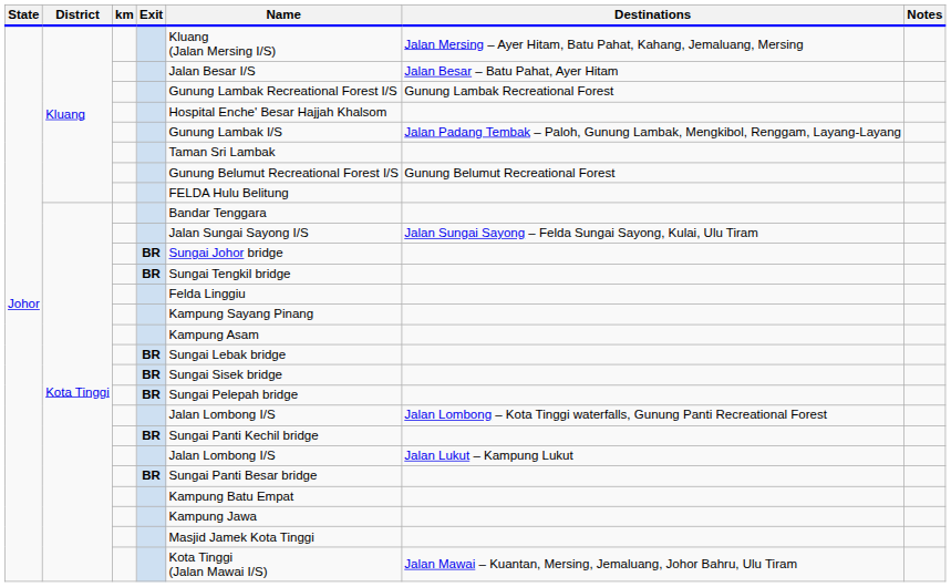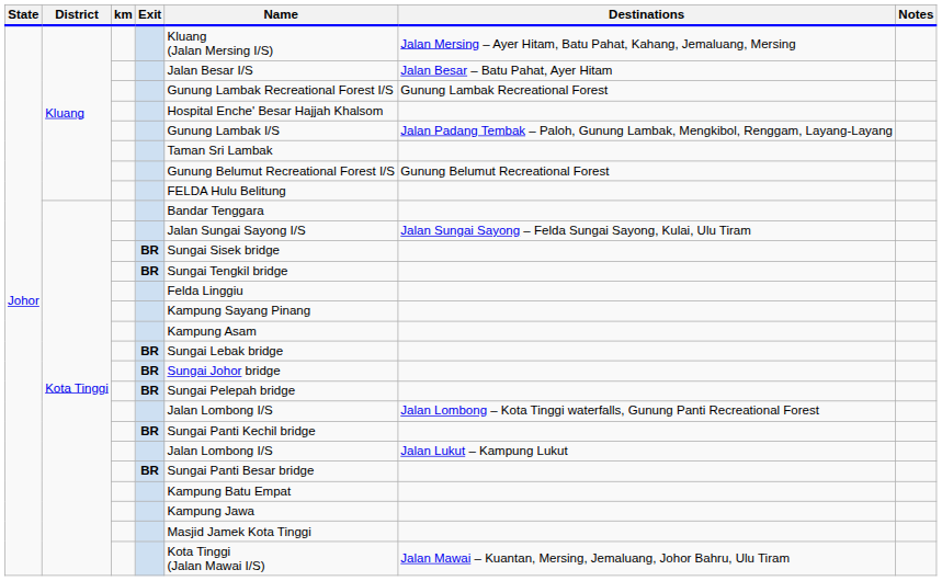 <table class="wikitable">
 <tr>
 <th style="border-bottom:3px solid blue;">State</th>
 <th style="border-bottom:3px solid blue;">District</th>
 <th style="border-bottom:3px solid blue;">km</th>
 <th style="border-bottom:3px solid blue;">Exit</th>
 <th style="border-bottom:3px solid blue;">Name</th>
 <th style="border-bottom:3px solid blue;">Destinations</th>
 <th style="border-bottom:3px solid blue;">Notes</th>
 </tr>
 <tr>
 <td rowspan="27" style="width:1em;"><a href='#'>Johor</a></td>
 <td rowspan="8"><a href='#'>Kluang</a></td>
 <td style="text-align: center;"></td>
 <th style="background-color: #CEE0F2;"></th>
 <td>Kluang<br>(Jalan Mersing I/S)</td>
 <td> <a href='#'>Jalan Mersing</a> – Ayer Hitam, Batu Pahat, Kahang, Jemaluang, Mersing</td>
 <td style="text-align: center;"></td>
 </tr>
 <tr>
 <td style="text-align: center;"></td>
 <th style="background-color: #CEE0F2;"></th>
 <td>Jalan Besar I/S</td>
 <td> <a href='#'>Jalan Besar</a> – Batu Pahat, Ayer Hitam</td>
 <td style="text-align: center;"></td>
 </tr>
 <tr>
 <td style="text-align: center;"></td>
 <th style="background-color: #CEE0F2;"></th>
 <td>Gunung Lambak Recreational Forest I/S</td>
 <td>Gunung Lambak Recreational Forest</td>
 <td style="text-align: center;"></td>
 </tr>
 <tr>
 <td style="text-align: center;"></td>
 <th style="background-color: #CEE0F2;"></th>
 <td>Hospital Enche' Besar Hajjah Khalsom </td>
 <td></td>
 <td style="text-align: center;"></td>
 </tr>
 <tr>
 <td style="text-align: center;"></td>
 <th style="background-color: #CEE0F2;"></th>
 <td>Gunung Lambak I/S</td>
 <td> <a href='#'>Jalan Padang Tembak</a> – Paloh, Gunung Lambak, Mengkibol, Renggam, Layang-Layang</td>
 <td style="text-align: center;"></td>
 </tr>
 <tr>
 <td style="text-align: center;"></td>
 <th style="background-color: #CEE0F2;"></th>
 <td>Taman Sri Lambak</td>
 <td></td>
 <td style="text-align: center;"></td>
 </tr>
 <tr>
 <td style="text-align: center;"></td>
 <th style="background-color: #CEE0F2;"></th>
 <td>Gunung Belumut Recreational Forest I/S</td>
 <td>Gunung Belumut Recreational Forest</td>
 <td style="text-align: center;"></td>
 </tr>
 <tr>
 <td style="text-align: center;"></td>
 <th style="background-color: #CEE0F2;"></th>
 <td>FELDA Hulu Belitung</td>
 <td></td>
 <td style="text-align: center;"></td>
 </tr>
 <tr>
 <td rowspan="18"><a href='#'>Kota Tinggi</a></td>
 <td style="text-align: center;"></td>
 <th style="background-color: #CEE0F2;"></th>
 <td>Bandar Tenggara</td>
 <td></td>
 <td style="text-align: center;"></td>
 </tr>
 <tr>
 <td style="text-align: center;"></td>
 <th style="background-color: #CEE0F2;"></th>
 <td>Jalan Sungai Sayong I/S</td>
 <td> <a href='#'>Jalan Sungai Sayong</a> – Felda Sungai Sayong, Kulai, Ulu Tiram</td>
 <td style="text-align: center;"></td>
 </tr>
 <tr>
 <td style="text-align: center;"></td>
 <th style="background-color: #CEE0F2;">BR</th>
-<td><a href='#'>Sungai Johor</a> bridge</td>
+<td>Sungai Sisek bridge</td>
 <td></td>
 <td style="text-align: center;"></td>
 </tr>
 <tr>
 <td style="text-align: center;"></td>
 <th style="background-color: #CEE0F2;">BR</th>
 <td>Sungai Tengkil bridge</td>
 <td></td>
 <td style="text-align: center;"></td>
 </tr>
 <tr>
 <td style="text-align: center;"></td>
 <th style="background-color: #CEE0F2;"></th>
 <td>Felda Linggiu</td>
 <td></td>
 <td style="text-align: center;"></td>
 </tr>
 <tr>
 <td style="text-align: center;"></td>
 <th style="background-color: #CEE0F2;"></th>
 <td>Kampung Sayang Pinang</td>
 <td></td>
 <td style="text-align: center;"></td>
 </tr>
 <tr>
 <td style="text-align: center;"></td>
 <th style="background-color: #CEE0F2;"></th>
 <td>Kampung Asam</td>
 <td></td>
 <td style="text-align: center;"></td>
 </tr>
 <tr>
 <td style="text-align: center;"></td>
 <th style="background-color: #CEE0F2;">BR</th>
 <td>Sungai Lebak bridge</td>
 <td></td>
 <td style="text-align: center;"></td>
 </tr>
 <tr>
 <td style="text-align: center;"></td>
 <th style="background-color: #CEE0F2;">BR</th>
-<td>Sungai Sisek bridge</td>
+<td><a href='#'>Sungai Johor</a> bridge</td>
 <td></td>
 <td style="text-align: center;"></td>
 </tr>
 <tr>
 <td style="text-align: center;"></td>
 <th style="background-color: #CEE0F2;">BR</th>
 <td>Sungai Pelepah bridge</td>
 <td></td>
 <td style="text-align: center;"></td>
 </tr>
 <tr>
 <td style="text-align: center;"></td>
 <th style="background-color: #CEE0F2;"></th>
 <td>Jalan Lombong I/S</td>
 <td> <a href='#'>Jalan Lombong</a> – Kota Tinggi waterfalls, Gunung Panti Recreational Forest</td>
 <td style="text-align: center;"></td>
 </tr>
 <tr>
 <td style="text-align: center;"></td>
 <th style="background-color: #CEE0F2;">BR</th>
 <td>Sungai Panti Kechil bridge</td>
 <td></td>
 <td style="text-align: center;"></td>
 </tr>
 <tr>
 <td style="text-align: center;"></td>
 <th style="background-color: #CEE0F2;"></th>
 <td>Jalan Lombong I/S</td>
 <td> <a href='#'>Jalan Lukut</a> – Kampung Lukut</td>
 <td style="text-align: center;"></td>
 </tr>
 <tr>
 <td style="text-align: center;"></td>
 <th style="background-color: #CEE0F2;">BR</th>
 <td>Sungai Panti Besar bridge</td>
 <td></td>
 <td style="text-align: center;"></td>
 </tr>
 <tr>
 <td style="text-align: center;"></td>
 <th style="background-color: #CEE0F2;"></th>
 <td>Kampung Batu Empat</td>
 <td></td>
 <td style="text-align: center;"></td>
 </tr>
 <tr>
 <td style="text-align: center;"></td>
 <th style="background-color: #CEE0F2;"></th>
 <td>Kampung Jawa</td>
 <td></td>
 <td style="text-align: center;"></td>
 </tr>
 <tr>
 <td style="text-align: center;"></td>
 <th style="background-color: #CEE0F2;"></th>
 <td>Masjid Jamek Kota Tinggi</td>
 <td></td>
 <td style="text-align: center;"></td>
 </tr>
 <tr>
 <td style="text-align: center;"></td>
 <th style="background-color: #CEE0F2;"></th>
 <td>Kota Tinggi<br>(Jalan Mawai I/S)</td>
 <td>  <a href='#'>Jalan Mawai</a> – Kuantan, Mersing, Jemaluang, Johor Bahru, Ulu Tiram</td>
 <td style="text-align: center;"></td>
 </tr>
 </table>
